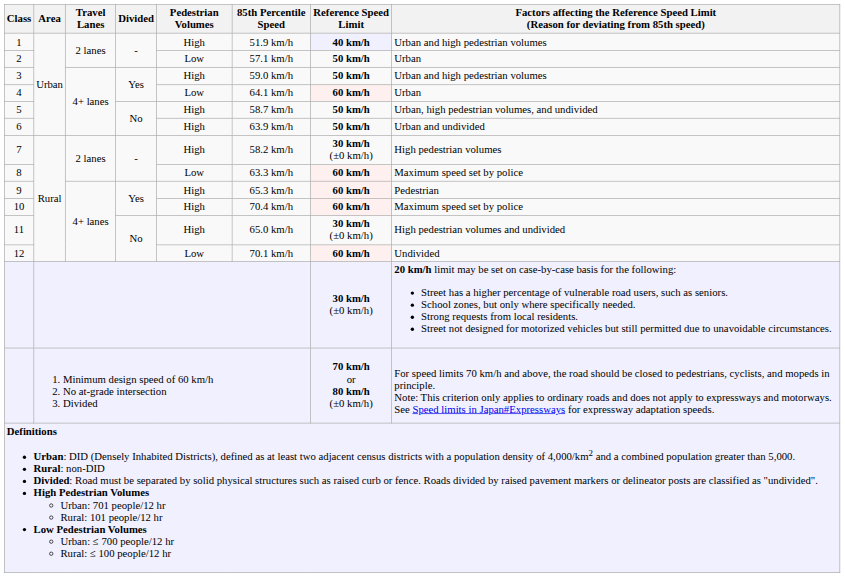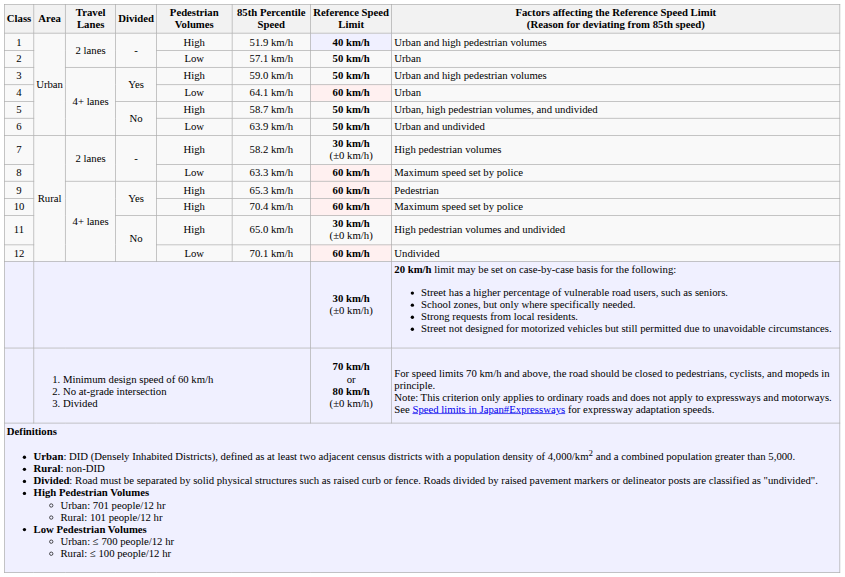 <table class="wikitable" style="text-align:center">
 <tr>
 <th>Class</th>
 <th>Area</th>
 <th>Travel Lanes</th>
 <th>Divided</th>
 <th>Pedestrian Volumes</th>
 <th>85th Percentile Speed</th>
 <th>Reference Speed Limit</th>
 <th>Factors affecting the Reference Speed Limit<br>(Reason for deviating from 85th speed)</th>
 </tr>
 <tr>
 <td>1</td>
 <td rowspan="6">Urban</td>
 <td rowspan="2">2 lanes</td>
 <td rowspan="2">-</td>
 <td>High</td>
 <td>51.9 km/h</td>
 <td style="background-color:#f0f0ff;"><strong>40 km/h</strong></td>
 <td style="text-align:left;">Urban and high pedestrian volumes</td>
 </tr>
 <tr>
 <td>2</td>
 <td>Low</td>
 <td>57.1 km/h</td>
 <td><strong>50 km/h</strong></td>
 <td style="text-align:left;">Urban</td>
 </tr>
 <tr>
 <td>3</td>
 <td rowspan="4">4+ lanes</td>
 <td rowspan="2">Yes</td>
 <td>High</td>
 <td>59.0 km/h</td>
 <td><strong>50 km/h</strong></td>
 <td style="text-align:left;">Urban and high pedestrian volumes</td>
 </tr>
 <tr>
 <td>4</td>
 <td>Low</td>
 <td>64.1 km/h</td>
 <td style="background-color:#fff0f0;"><strong>60 km/h</strong></td>
 <td style="text-align:left;">Urban</td>
 </tr>
 <tr>
 <td>5</td>
 <td rowspan="2">No</td>
 <td>High</td>
 <td>58.7 km/h</td>
 <td><strong>50 km/h</strong></td>
 <td style="text-align:left;">Urban, high pedestrian volumes, and undivided</td>
 </tr>
 <tr>
 <td>6</td>
-<td>High</td>
+<td>Low</td>
 <td>63.9 km/h</td>
 <td><strong>50 km/h</strong></td>
 <td style="text-align:left;">Urban and undivided</td>
 </tr>
 <tr>
 <td>7</td>
 <td rowspan="6">Rural</td>
 <td rowspan="2">2 lanes</td>
 <td rowspan="2">-</td>
 <td>High</td>
 <td>58.2 km/h</td>
 <td><strong>30 km/h</strong><br>(±0 km/h)</td>
 <td style="text-align:left;">High pedestrian volumes</td>
 </tr>
 <tr>
 <td>8</td>
 <td>Low</td>
 <td>63.3 km/h</td>
 <td style="background-color:#fff0f0;"><strong>60 km/h</strong></td>
 <td style="text-align:left;">Maximum speed set by police</td>
 </tr>
 <tr>
 <td>9</td>
 <td rowspan="4">4+ lanes</td>
 <td rowspan="2">Yes</td>
 <td>High</td>
 <td>65.3 km/h</td>
 <td style="background-color:#fff0f0;"><strong>60 km/h</strong></td>
 <td style="text-align:left;">Pedestrian</td>
 </tr>
 <tr>
 <td>10</td>
 <td>High</td>
 <td>70.4 km/h</td>
 <td style="background-color:#fff0f0;"><strong>60 km/h</strong></td>
 <td style="text-align:left;">Maximum speed set by police</td>
 </tr>
 <tr>
 <td>11</td>
 <td rowspan="2">No</td>
 <td>High</td>
 <td>65.0 km/h</td>
 <td><strong>30 km/h</strong><br>(±0 km/h)</td>
 <td style="text-align:left;">High pedestrian volumes and undivided</td>
 </tr>
 <tr>
 <td>12</td>
 <td>Low</td>
 <td>70.1 km/h</td>
 <td style="background-color:#fff0f0;"><strong>60 km/h</strong></td>
 <td style="text-align:left;">Undivided</td>
 </tr>
 <tr style="background-color:#f0f0ff">
 <td></td>
 <td colspan="5" style="text-align:left;"><br></td>
 <td><strong>30 km/h</strong><br>(±0 km/h)</td>
 <td style="text-align:left;"><strong>20 km/h</strong> limit may be set on case-by-case basis for the following:<br><ul><li>Street has a higher percentage of vulnerable road users, such as seniors.</li><li>School zones, but only where specifically needed.</li><li>Strong requests from local residents.</li><li>Street not designed for motorized vehicles but still permitted due to unavoidable circumstances.</li></ul></td>
 </tr>
 <tr style="background-color:#f0f0ff">
 <td></td>
 <td colspan="5" style="text-align:left;"><br><ol><li>Minimum design speed of 60 km/h</li><li>No at-grade intersection</li><li>Divided</li></ol></td>
 <td><strong>70 km/h</strong><br>or<br><strong>80 km/h</strong><br>(±0 km/h)</td>
 <td style="text-align:left;"><br>For speed limits 70 km/h and above, the road should be closed to pedestrians, cyclists, and mopeds in principle.<br> Note: This criterion only applies to ordinary roads and does not apply to expressways and motorways. See <a href='#'>Speed limits in Japan#Expressways</a> for expressway adaptation speeds.</td>
 </tr>
 <tr style="background-color:#f0f0ff;text-align:left;">
 <td colspan="8"><strong>Definitions</strong><br><ul><li><strong>Urban</strong>: DID (Densely Inhabited Districts), defined as at least two adjacent census districts with a population density of 4,000/km<sup>2</sup> and a combined population greater than 5,000.</li><li><strong>Rural</strong>: non-DID</li><li><strong>Divided</strong>: Road must be separated by solid physical structures such as raised curb or fence. Roads divided by raised pavement markers or delineator posts are classified as "undivided".</li><li><strong>High Pedestrian Volumes</strong><ul><li>Urban: 701 people/12 hr</li><li>Rural: 101 people/12 hr</li></ul></li><li><strong>Low Pedestrian Volumes</strong><ul><li>Urban: ≤ 700 people/12 hr</li><li>Rural: ≤ 100 people/12 hr</li></ul></li></ul></td>
 </tr>
 </table>
